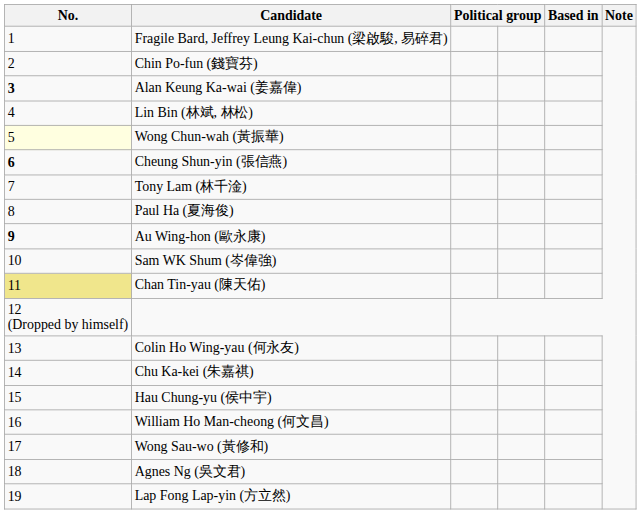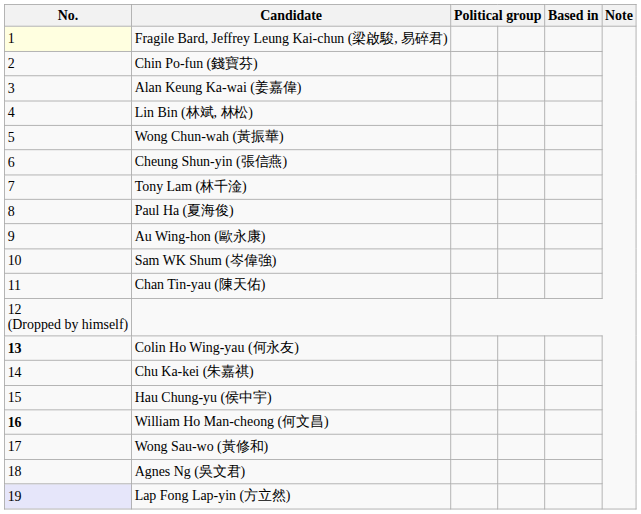 <table class="wikitable">
 <tr>
 <th>No.</th>
 <th>Candidate</th>
 <th colspan="2">Political group</th>
 <th>Based in</th>
 <th>Note</th>
 </tr>
 <tr>
-<td>1</td>
+<td style="background: lightyellow;">1</td>
 <td>Fragile Bard, Jeffrey Leung Kai-chun (梁啟駿, 易碎君)</td>
 <td></td>
 <td></td>
 <td></td>
 </tr>
 <tr>
 <td>2</td>
 <td>Chin Po-fun (錢寶芬)</td>
 <td></td>
 <td></td>
 <td></td>
 </tr>
 <tr>
-<td><strong>3</strong></td>
+<td>3</td>
 <td>Alan Keung Ka-wai (姜嘉偉)</td>
 <td></td>
 <td></td>
 <td></td>
 </tr>
 <tr>
 <td>4</td>
 <td>Lin Bin (林斌, 林松)</td>
 <td></td>
 <td></td>
 <td></td>
 </tr>
 <tr>
-<td style="background: lightyellow;">5</td>
+<td>5</td>
 <td>Wong Chun-wah (黃振華)</td>
 <td></td>
 <td></td>
 <td></td>
 </tr>
 <tr>
-<td><strong>6</strong></td>
+<td>6</td>
 <td>Cheung Shun-yin (張信燕)</td>
 <td></td>
 <td></td>
 <td></td>
 </tr>
 <tr>
 <td>7</td>
 <td>Tony Lam (林千淦)</td>
 <td></td>
 <td></td>
 <td></td>
 </tr>
 <tr>
 <td>8</td>
 <td>Paul Ha (夏海俊)</td>
 <td></td>
 <td></td>
 <td></td>
 </tr>
 <tr>
-<td><strong>9</strong></td>
+<td>9</td>
 <td>Au Wing-hon (歐永康)</td>
 <td></td>
 <td></td>
 <td></td>
 </tr>
 <tr>
 <td>10</td>
 <td>Sam WK Shum (岑偉強)</td>
 <td></td>
 <td></td>
 <td></td>
 </tr>
 <tr>
-<td style="background: khaki;">11</td>
+<td>11</td>
 <td>Chan Tin-yau (陳天佑)</td>
 <td></td>
 <td></td>
 <td></td>
 </tr>
 <tr>
 <td>12<br>(Dropped by himself)</td>
 <td></td>
 </tr>
 <tr>
-<td>13</td>
+<td><strong>13</strong></td>
 <td>Colin Ho Wing-yau (何永友)</td>
 <td></td>
 <td></td>
 <td></td>
 </tr>
 <tr>
 <td>14</td>
 <td>Chu Ka-kei (朱嘉祺)</td>
 <td></td>
 <td></td>
 <td></td>
 </tr>
 <tr>
 <td>15</td>
 <td>Hau Chung-yu (侯中宇)</td>
 <td></td>
 <td></td>
 <td></td>
 </tr>
 <tr>
-<td>16</td>
+<td><strong>16</strong></td>
 <td>William Ho Man-cheong (何文昌)</td>
 <td></td>
 <td></td>
 <td></td>
 </tr>
 <tr>
 <td>17</td>
 <td>Wong Sau-wo (黃修和)</td>
 <td></td>
 <td></td>
 <td></td>
 </tr>
 <tr>
 <td>18</td>
 <td>Agnes Ng (吳文君)</td>
 <td></td>
 <td></td>
 <td></td>
 </tr>
 <tr>
-<td>19</td>
+<td style="background: lavender;">19</td>
 <td>Lap Fong Lap-yin (方立然)</td>
 <td></td>
 <td></td>
 <td></td>
 </tr>
 </table>
